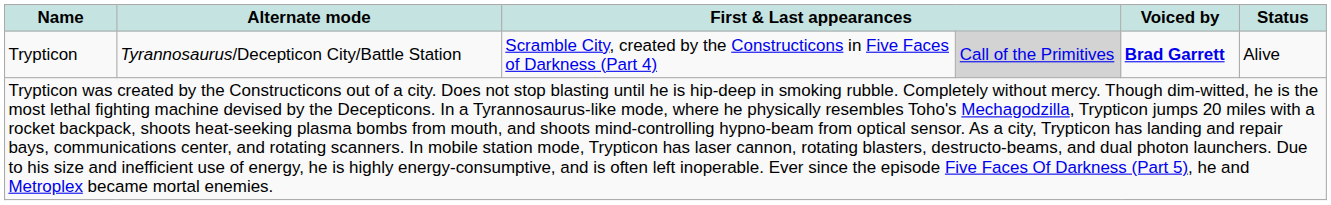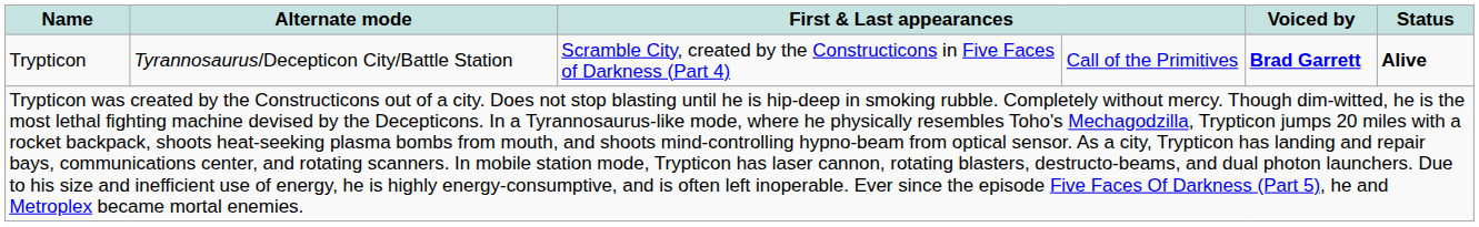 <table class="wikitable">
 <tr>
 <th style="background-color: #C5E4E1">Name</th>
 <th style="background-color: #C5E4E1">Alternate mode</th>
 <th colspan="2" align="center" style="background-color: #C5E4E1">First & Last appearances</th>
 <th style="background-color: #C5E4E1">Voiced by</th>
 <th style="background-color: #C5E4E1">Status</th>
 </tr>
 <tr>
 <td>Trypticon</td>
 <td><em>Tyrannosaurus</em>/Decepticon City/Battle Station</td>
 <td><a href='#'>Scramble City</a>, created by the <a href='#'>Constructicons</a> in <a href='#'>Five Faces of Darkness (Part 4)</a></td>
-<td style="background: lightgrey;"><a href='#'>Call of the Primitives</a></td>
+<td><a href='#'>Call of the Primitives</a></td>
 <td><strong><a href='#'>Brad Garrett</a></strong></td>
-<td>Alive</td>
+<td><strong>Alive</strong></td>
 </tr>
 <tr>
 <td colspan="6" valign="top">Trypticon was created by the Constructicons out of a city. Does not stop blasting until he is hip-deep in smoking rubble. Completely without mercy. Though dim-witted, he is the most lethal fighting machine devised by the Decepticons. In a Tyrannosaurus-like mode, where he physically resembles Toho's <a href='#'>Mechagodzilla</a>, Trypticon jumps 20 miles with a rocket backpack, shoots heat-seeking plasma bombs from mouth, and shoots mind-controlling hypno-beam from optical sensor. As a city, Trypticon has landing and repair bays, communications center, and rotating scanners. In mobile station mode, Trypticon has laser cannon, rotating blasters, destructo-beams, and dual photon launchers. Due to his size and inefficient use of energy, he is highly energy-consumptive, and is often left inoperable. Ever since the episode <a href='#'>Five Faces Of Darkness (Part 5)</a>, he and <a href='#'>Metroplex</a> became mortal enemies.</td>
 </tr>
 </table>
